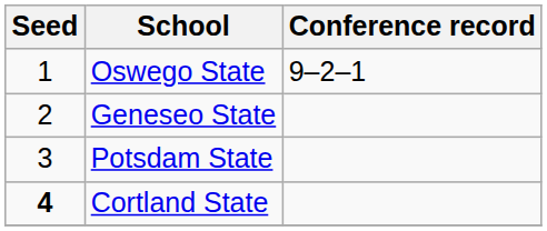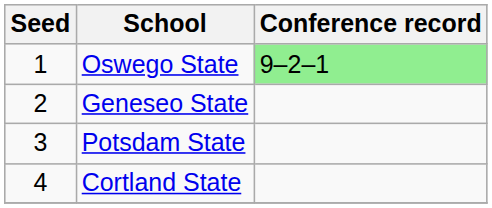 <table class="wikitable">
 <tr>
 <th>Seed</th>
 <th>School</th>
 <th>Conference record</th>
 </tr>
 <tr>
 <td align=center>1</td>
 <td><a href='#'>Oswego State</a></td>
-<td>9–2–1</td>
+<td style="background: lightgreen;">9–2–1</td>
 </tr>
 <tr>
 <td align=center>2</td>
 <td><a href='#'>Geneseo State</a></td>
 <td></td>
 </tr>
 <tr>
 <td align=center>3</td>
 <td><a href='#'>Potsdam State</a></td>
 <td></td>
 </tr>
 <tr>
-<td align=center><strong>4</strong></td>
+<td align=center>4</td>
 <td><a href='#'>Cortland State</a></td>
 <td></td>
 </tr>
 <tr>
 </tr>
 </table>
